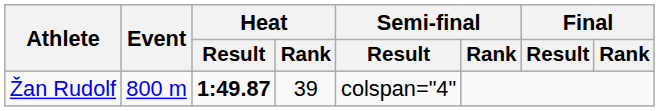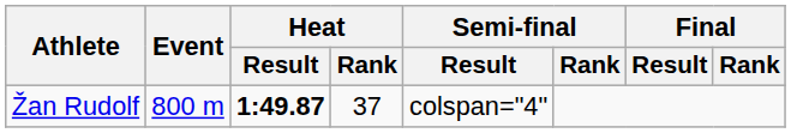 <table class=wikitable style=font-size:90%>
 <tr>
 <th rowspan=2>Athlete</th>
 <th rowspan=2>Event</th>
 <th colspan=2>Heat</th>
 <th colspan=2>Semi-final</th>
 <th colspan=2>Final</th>
 </tr>
 <tr style=font-size:95%>
 <th>Result</th>
 <th>Rank</th>
 <th>Result</th>
 <th>Rank</th>
 <th>Result</th>
 <th>Rank</th>
 </tr>
 <tr align=center>
 <td align=left><a href='#'>Žan Rudolf</a></td>
 <td align=left><a href='#'>800 m</a></td>
 <td><strong>1:49.87</strong></td>
-<td>39</td>
+<td>37</td>
 <td>colspan="4" </td>
 </tr>
 </table>
